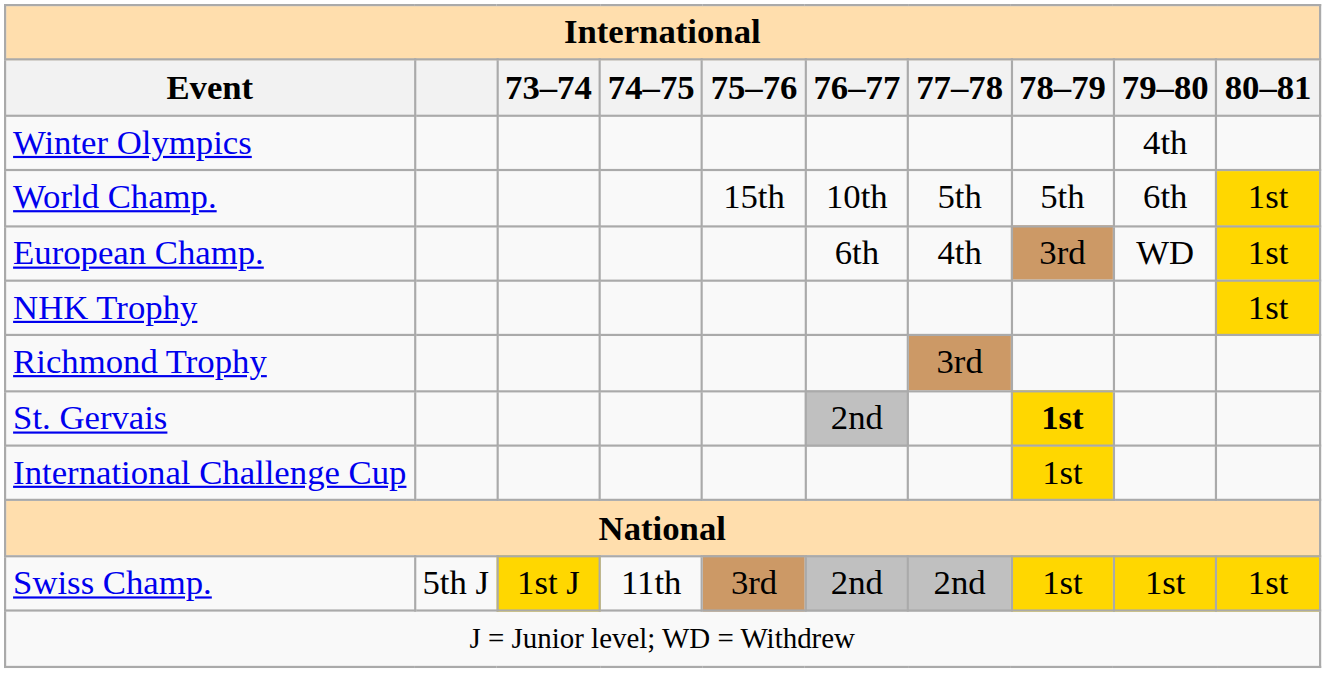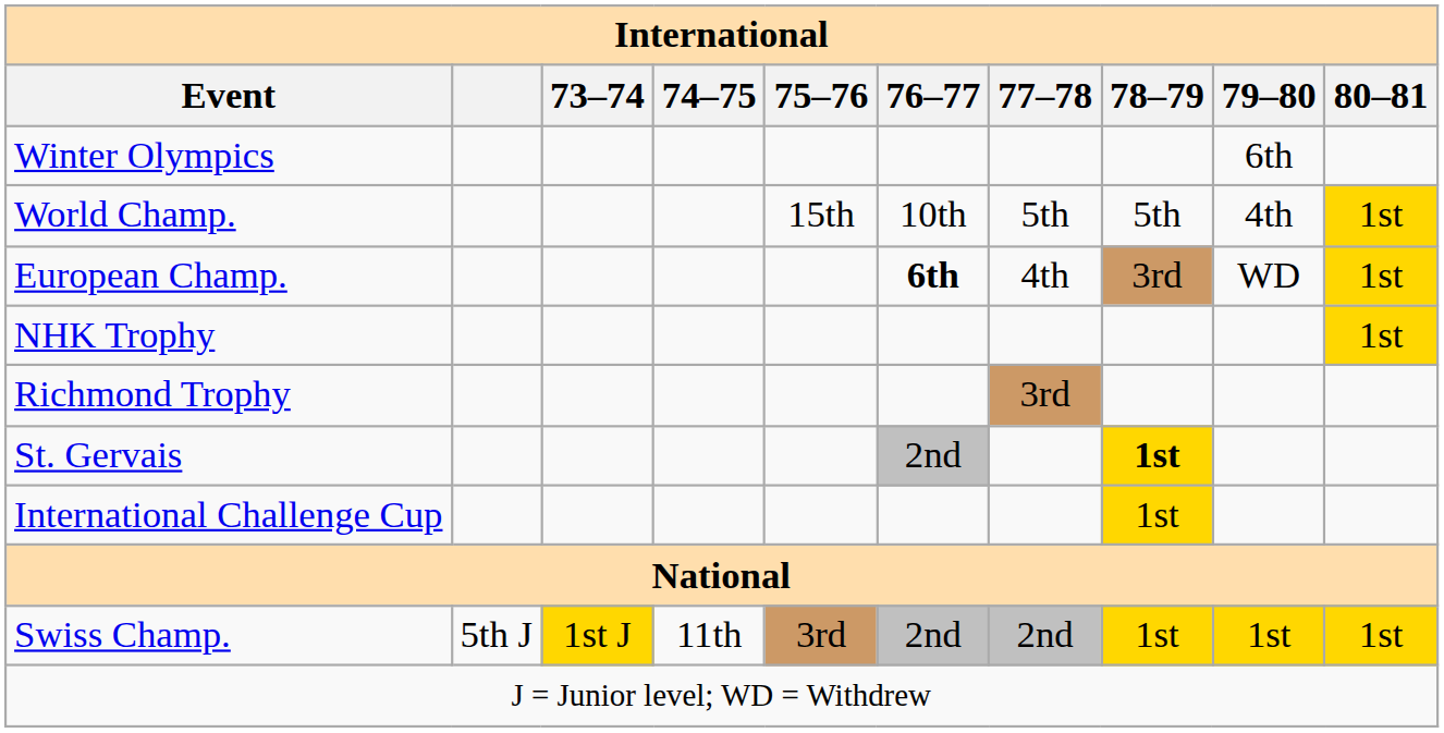 <table class="wikitable" style="text-align:center">
 <tr>
 <th style="background-color: #ffdead; " colspan=10 align=center>International</th>
 </tr>
 <tr>
 <th>Event</th>
 <th></th>
 <th>73–74</th>
 <th>74–75</th>
 <th>75–76</th>
 <th>76–77</th>
 <th>77–78</th>
 <th>78–79</th>
 <th>79–80</th>
 <th>80–81</th>
 </tr>
 <tr>
 <td align=left><a href='#'>Winter Olympics</a></td>
 <td></td>
 <td></td>
 <td></td>
 <td></td>
 <td></td>
 <td></td>
 <td></td>
-<td>4th</td>
+<td>6th</td>
 <td></td>
 </tr>
 <tr>
 <td align=left><a href='#'>World Champ.</a></td>
 <td></td>
 <td></td>
 <td></td>
 <td>15th</td>
 <td>10th</td>
 <td>5th</td>
 <td>5th</td>
-<td>6th</td>
+<td>4th</td>
 <td bgcolor=gold>1st</td>
 </tr>
 <tr>
 <td align=left><a href='#'>European Champ.</a></td>
 <td></td>
 <td></td>
 <td></td>
 <td></td>
-<td>6th</td>
+<td><strong>6th</strong></td>
 <td>4th</td>
 <td bgcolor=cc9966>3rd</td>
 <td>WD</td>
 <td bgcolor=gold>1st</td>
 </tr>
 <tr>
 <td align=left><a href='#'>NHK Trophy</a></td>
 <td></td>
 <td></td>
 <td></td>
 <td></td>
 <td></td>
 <td></td>
 <td></td>
 <td></td>
 <td bgcolor=gold>1st</td>
 </tr>
 <tr>
 <td align=left><a href='#'>Richmond Trophy</a></td>
 <td></td>
 <td></td>
 <td></td>
 <td></td>
 <td></td>
 <td bgcolor=cc9966>3rd</td>
 <td></td>
 <td></td>
 <td></td>
 </tr>
 <tr>
 <td align=left><a href='#'>St. Gervais</a></td>
 <td></td>
 <td></td>
 <td></td>
 <td></td>
 <td bgcolor=silver>2nd</td>
 <td></td>
 <td bgcolor=gold><strong>1st</strong></td>
 <td></td>
 <td></td>
 </tr>
 <tr>
 <td align=left><a href='#'>International Challenge Cup</a></td>
 <td></td>
 <td></td>
 <td></td>
 <td></td>
 <td></td>
 <td></td>
 <td bgcolor=gold>1st</td>
 <td></td>
 <td></td>
 </tr>
 <tr>
 <th style="background-color: #ffdead; " colspan=10 align=center>National</th>
 </tr>
 <tr>
 <td align=left><a href='#'>Swiss Champ.</a></td>
 <td>5th J</td>
 <td bgcolor=gold>1st J</td>
 <td>11th</td>
 <td bgcolor=cc9966>3rd</td>
 <td bgcolor=silver>2nd</td>
 <td bgcolor=silver>2nd</td>
 <td bgcolor=gold>1st</td>
 <td bgcolor=gold>1st</td>
 <td bgcolor=gold>1st</td>
 </tr>
 <tr>
 <td colspan=10 align=center><small> J = Junior level; WD = Withdrew </small></td>
 </tr>
 </table>
